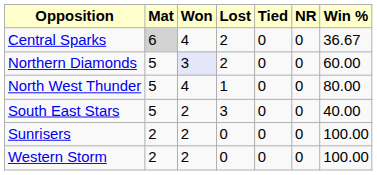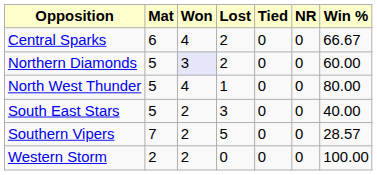 <table class="wikitable sortable">
 <tr>
 <th style="background:#ffc;">Opposition</th>
 <th style="background:#ffc;">Mat</th>
 <th style="background:#ffc;">Won</th>
 <th style="background:#ffc;">Lost</th>
 <th style="background:#ffc;">Tied</th>
 <th style="background:#ffc;">NR</th>
 <th style="background:#ffc;">Win %</th>
 </tr>
 <tr>
 <td><a href='#'>Central Sparks</a></td>
-<td style="background: lightgrey;">6</td>
+<td>6</td>
 <td>4</td>
 <td>2</td>
 <td>0</td>
 <td>0</td>
-<td>36.67</td>
+<td>66.67</td>
 </tr>
 <tr>
 <td><a href='#'>Northern Diamonds</a></td>
 <td>5</td>
 <td style="background: lavender;">3</td>
 <td>2</td>
 <td>0</td>
 <td>0</td>
 <td>60.00</td>
 </tr>
 <tr>
 <td><a href='#'>North West Thunder</a></td>
 <td>5</td>
 <td>4</td>
 <td>1</td>
 <td>0</td>
 <td>0</td>
 <td>80.00</td>
 </tr>
 <tr>
 <td><a href='#'>South East Stars</a></td>
 <td>5</td>
 <td>2</td>
 <td>3</td>
 <td>0</td>
 <td>0</td>
 <td>40.00</td>
 </tr>
 <tr>
-<td><a href='#'>Sunrisers</a></td>
+<td><a href='#'>Southern Vipers</a></td>
+<td>7</td>
 <td>2</td>
-<td>2</td>
+<td>5</td>
 <td>0</td>
 <td>0</td>
-<td>0</td>
-<td>100.00</td>
+<td>28.57</td>
 </tr>
 <tr>
 <td><a href='#'>Western Storm</a></td>
 <td>2</td>
 <td>2</td>
 <td>0</td>
 <td>0</td>
 <td>0</td>
 <td>100.00</td>
 </tr>
 </table>
